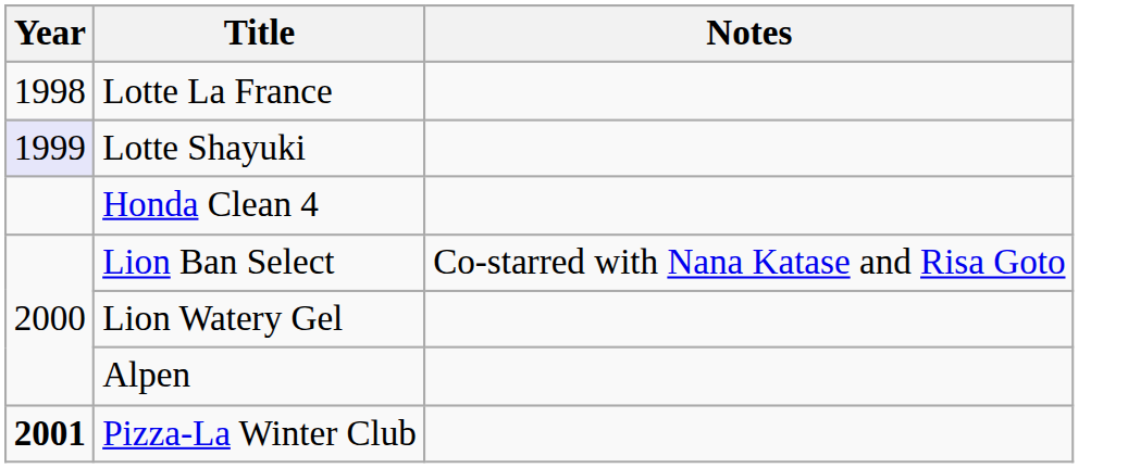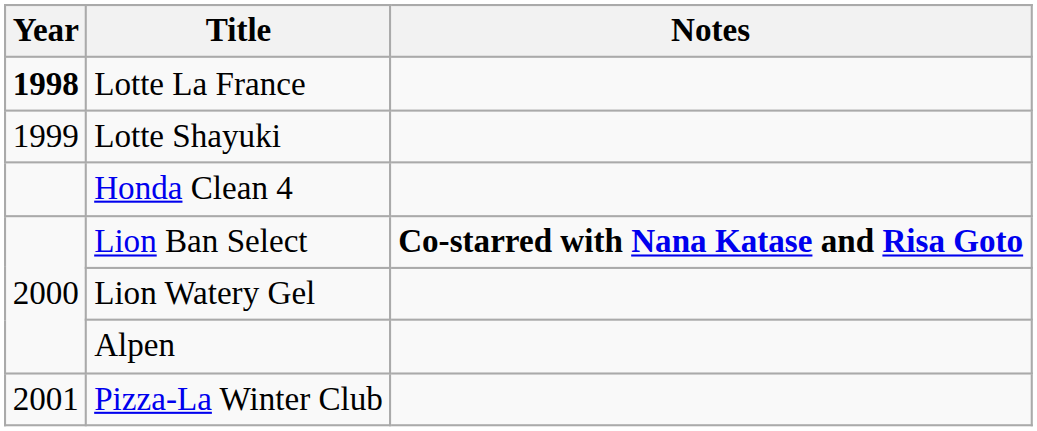 <table class="wikitable">
 <tr>
 <th>Year</th>
 <th>Title</th>
 <th>Notes</th>
 </tr>
 <tr>
-<td>1998</td>
+<td><strong>1998</strong></td>
 <td>Lotte La France</td>
 <td></td>
 </tr>
 <tr>
-<td style="background: lavender;">1999</td>
+<td>1999</td>
 <td>Lotte Shayuki</td>
 <td></td>
 </tr>
 <tr>
 <td></td>
 <td><a href='#'>Honda</a> Clean 4</td>
 <td></td>
 </tr>
 <tr>
 <td rowspan="3">2000</td>
 <td><a href='#'>Lion</a> Ban Select</td>
-<td>Co-starred with <a href='#'>Nana Katase</a> and <a href='#'>Risa Goto</a></td>
+<td><strong>Co-starred with <a href='#'>Nana Katase</a> and <a href='#'>Risa Goto</a></strong></td>
 </tr>
 <tr>
 <td>Lion Watery Gel</td>
 <td></td>
 </tr>
 <tr>
 <td>Alpen</td>
 <td></td>
 </tr>
 <tr>
-<td><strong>2001</strong></td>
+<td>2001</td>
 <td><a href='#'>Pizza-La</a> Winter Club</td>
 <td></td>
 </tr>
 </table>
